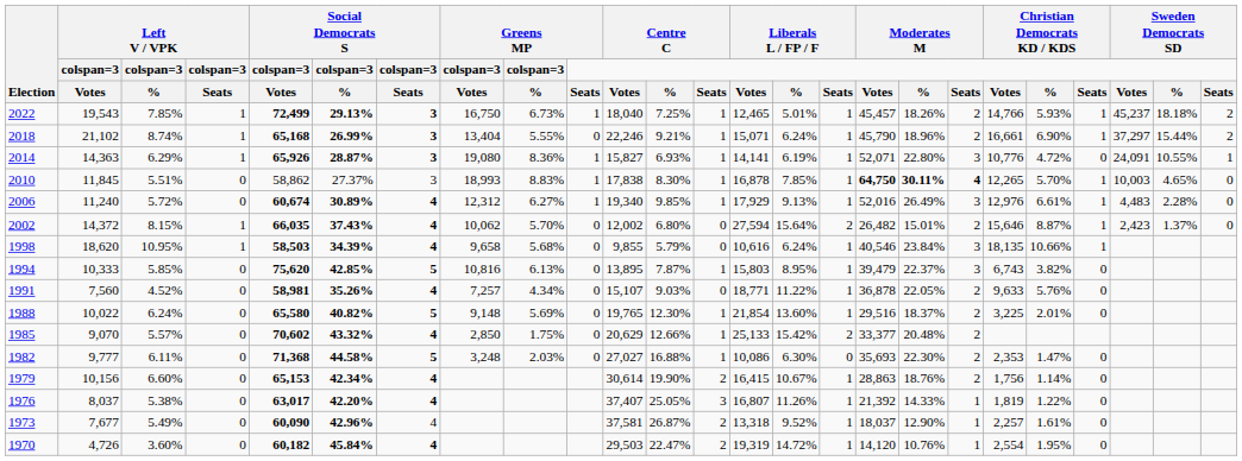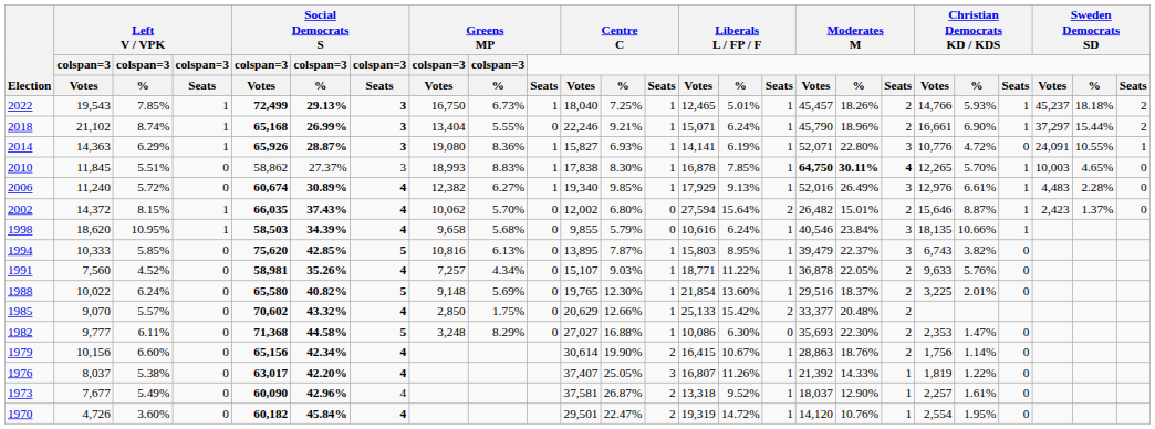 <table class="wikitable" border="1" style="font-size:95%; text-align:right;">
 <tr>
 <th style="text-align:left;" valign=bottom rowspan=3>Election</th>
 <th valign=bottom colspan=3><a href='#'>Left</a><br>V / VPK</th>
 <th valign=bottom colspan=3><a href='#'>Social<br>Democrats</a><br>S</th>
 <th valign=bottom colspan=3><a href='#'>Greens</a><br>MP</th>
 <th valign=bottom colspan=3><a href='#'>Centre</a><br>C</th>
 <th valign=bottom colspan=3><a href='#'>Liberals</a><br>L / FP / F</th>
 <th valign=bottom colspan=3><a href='#'>Moderates</a><br>M</th>
 <th valign=bottom colspan=3><a href='#'>Christian<br>Democrats</a><br>KD / KDS</th>
 <th valign=bottom colspan=3><a href='#'>Sweden<br>Democrats</a><br>SD</th>
 </tr>
 <tr>
 <th>colspan=3 </th>
 <th>colspan=3 </th>
 <th>colspan=3 </th>
 <th>colspan=3 </th>
 <th>colspan=3 </th>
 <th>colspan=3 </th>
 <th>colspan=3 </th>
 <th>colspan=3 </th>
 </tr>
 <tr>
 <th>Votes</th>
 <th>%</th>
 <th>Seats</th>
 <th>Votes</th>
 <th>%</th>
 <th>Seats</th>
 <th>Votes</th>
 <th>%</th>
 <th>Seats</th>
 <th>Votes</th>
 <th>%</th>
 <th>Seats</th>
 <th>Votes</th>
 <th>%</th>
 <th>Seats</th>
 <th>Votes</th>
 <th>%</th>
 <th>Seats</th>
 <th>Votes</th>
 <th>%</th>
 <th>Seats</th>
 <th>Votes</th>
 <th>%</th>
 <th>Seats</th>
 </tr>
 <tr>
 <td align=left><a href='#'>2022</a></td>
 <td>19,543</td>
 <td>7.85%</td>
 <td>1</td>
 <td><strong>72,499</strong></td>
 <td><strong>29.13%</strong></td>
 <td><strong>3</strong></td>
 <td>16,750</td>
 <td>6.73%</td>
 <td>1</td>
 <td>18,040</td>
 <td>7.25%</td>
 <td>1</td>
 <td>12,465</td>
 <td>5.01%</td>
 <td>1</td>
 <td>45,457</td>
 <td>18.26%</td>
 <td>2</td>
 <td>14,766</td>
 <td>5.93%</td>
 <td>1</td>
 <td>45,237</td>
 <td>18.18%</td>
 <td>2</td>
 </tr>
 <tr>
 <td align=left><a href='#'>2018</a></td>
 <td>21,102</td>
 <td>8.74%</td>
 <td>1</td>
 <td><strong>65,168</strong></td>
 <td><strong>26.99%</strong></td>
 <td><strong>3</strong></td>
 <td>13,404</td>
 <td>5.55%</td>
 <td>0</td>
 <td>22,246</td>
 <td>9.21%</td>
 <td>1</td>
 <td>15,071</td>
 <td>6.24%</td>
 <td>1</td>
 <td>45,790</td>
 <td>18.96%</td>
 <td>2</td>
 <td>16,661</td>
 <td>6.90%</td>
 <td>1</td>
 <td>37,297</td>
 <td>15.44%</td>
 <td>2</td>
 </tr>
 <tr>
 <td align=left><a href='#'>2014</a></td>
 <td>14,363</td>
 <td>6.29%</td>
 <td>1</td>
 <td><strong>65,926</strong></td>
 <td><strong>28.87%</strong></td>
 <td><strong>3</strong></td>
 <td>19,080</td>
 <td>8.36%</td>
 <td>1</td>
 <td>15,827</td>
 <td>6.93%</td>
 <td>1</td>
 <td>14,141</td>
 <td>6.19%</td>
 <td>1</td>
 <td>52,071</td>
 <td>22.80%</td>
 <td>3</td>
 <td>10,776</td>
 <td>4.72%</td>
 <td>0</td>
 <td>24,091</td>
 <td>10.55%</td>
 <td>1</td>
 </tr>
 <tr>
 <td align=left><a href='#'>2010</a></td>
 <td>11,845</td>
 <td>5.51%</td>
 <td>0</td>
 <td>58,862</td>
 <td>27.37%</td>
 <td>3</td>
 <td>18,993</td>
 <td>8.83%</td>
 <td>1</td>
 <td>17,838</td>
 <td>8.30%</td>
 <td>1</td>
 <td>16,878</td>
 <td>7.85%</td>
 <td>1</td>
 <td><strong>64,750</strong></td>
 <td><strong>30.11%</strong></td>
 <td><strong>4</strong></td>
 <td>12,265</td>
 <td>5.70%</td>
 <td>1</td>
 <td>10,003</td>
 <td>4.65%</td>
 <td>0</td>
 </tr>
 <tr>
 <td align=left><a href='#'>2006</a></td>
 <td>11,240</td>
 <td>5.72%</td>
 <td>0</td>
 <td><strong>60,674</strong></td>
 <td><strong>30.89%</strong></td>
 <td><strong>4</strong></td>
-<td>12,312</td>
+<td>12,382</td>
 <td>6.27%</td>
 <td>1</td>
 <td>19,340</td>
 <td>9.85%</td>
 <td>1</td>
 <td>17,929</td>
 <td>9.13%</td>
 <td>1</td>
 <td>52,016</td>
 <td>26.49%</td>
 <td>3</td>
 <td>12,976</td>
 <td>6.61%</td>
 <td>1</td>
 <td>4,483</td>
 <td>2.28%</td>
 <td>0</td>
 </tr>
 <tr>
 <td align=left><a href='#'>2002</a></td>
 <td>14,372</td>
 <td>8.15%</td>
 <td>1</td>
 <td><strong>66,035</strong></td>
 <td><strong>37.43%</strong></td>
 <td><strong>4</strong></td>
 <td>10,062</td>
 <td>5.70%</td>
 <td>0</td>
 <td>12,002</td>
 <td>6.80%</td>
 <td>0</td>
 <td>27,594</td>
 <td>15.64%</td>
 <td>2</td>
 <td>26,482</td>
 <td>15.01%</td>
 <td>2</td>
 <td>15,646</td>
 <td>8.87%</td>
 <td>1</td>
 <td>2,423</td>
 <td>1.37%</td>
 <td>0</td>
 </tr>
 <tr>
 <td align=left><a href='#'>1998</a></td>
 <td>18,620</td>
 <td>10.95%</td>
 <td>1</td>
 <td><strong>58,503</strong></td>
 <td><strong>34.39%</strong></td>
 <td><strong>4</strong></td>
 <td>9,658</td>
 <td>5.68%</td>
 <td>0</td>
 <td>9,855</td>
 <td>5.79%</td>
 <td>0</td>
 <td>10,616</td>
 <td>6.24%</td>
 <td>1</td>
 <td>40,546</td>
 <td>23.84%</td>
 <td>3</td>
 <td>18,135</td>
 <td>10.66%</td>
 <td>1</td>
 <td></td>
 <td></td>
 <td></td>
 </tr>
 <tr>
 <td align=left><a href='#'>1994</a></td>
 <td>10,333</td>
 <td>5.85%</td>
 <td>0</td>
 <td><strong>75,620</strong></td>
 <td><strong>42.85%</strong></td>
 <td><strong>5</strong></td>
 <td>10,816</td>
 <td>6.13%</td>
 <td>0</td>
 <td>13,895</td>
 <td>7.87%</td>
 <td>1</td>
 <td>15,803</td>
 <td>8.95%</td>
 <td>1</td>
 <td>39,479</td>
 <td>22.37%</td>
 <td>3</td>
 <td>6,743</td>
 <td>3.82%</td>
 <td>0</td>
 <td></td>
 <td></td>
 <td></td>
 </tr>
 <tr>
 <td align=left><a href='#'>1991</a></td>
 <td>7,560</td>
 <td>4.52%</td>
 <td>0</td>
 <td><strong>58,981</strong></td>
 <td><strong>35.26%</strong></td>
 <td><strong>4</strong></td>
 <td>7,257</td>
 <td>4.34%</td>
 <td>0</td>
 <td>15,107</td>
 <td>9.03%</td>
-<td>0</td>
+<td>1</td>
 <td>18,771</td>
 <td>11.22%</td>
 <td>1</td>
 <td>36,878</td>
 <td>22.05%</td>
 <td>2</td>
 <td>9,633</td>
 <td>5.76%</td>
 <td>0</td>
 <td></td>
 <td></td>
 <td></td>
 </tr>
 <tr>
 <td align=left><a href='#'>1988</a></td>
 <td>10,022</td>
 <td>6.24%</td>
 <td>0</td>
 <td><strong>65,580</strong></td>
 <td><strong>40.82%</strong></td>
 <td><strong>5</strong></td>
 <td>9,148</td>
 <td>5.69%</td>
 <td>0</td>
 <td>19,765</td>
 <td>12.30%</td>
 <td>1</td>
 <td>21,854</td>
 <td>13.60%</td>
 <td>1</td>
 <td>29,516</td>
 <td>18.37%</td>
 <td>2</td>
 <td>3,225</td>
 <td>2.01%</td>
 <td>0</td>
 <td></td>
 <td></td>
 <td></td>
 </tr>
 <tr>
 <td align=left><a href='#'>1985</a></td>
 <td>9,070</td>
 <td>5.57%</td>
 <td>0</td>
 <td><strong>70,602</strong></td>
 <td><strong>43.32%</strong></td>
 <td><strong>4</strong></td>
 <td>2,850</td>
 <td>1.75%</td>
 <td>0</td>
 <td>20,629</td>
 <td>12.66%</td>
 <td>1</td>
 <td>25,133</td>
 <td>15.42%</td>
 <td>2</td>
 <td>33,377</td>
 <td>20.48%</td>
 <td>2</td>
 <td></td>
 <td></td>
 <td></td>
 <td></td>
 <td></td>
 <td></td>
 </tr>
 <tr>
 <td align=left><a href='#'>1982</a></td>
 <td>9,777</td>
 <td>6.11%</td>
 <td>0</td>
 <td><strong>71,368</strong></td>
 <td><strong>44.58%</strong></td>
 <td><strong>5</strong></td>
 <td>3,248</td>
-<td>2.03%</td>
+<td>8.29%</td>
 <td>0</td>
 <td>27,027</td>
 <td>16.88%</td>
 <td>1</td>
 <td>10,086</td>
 <td>6.30%</td>
 <td>0</td>
 <td>35,693</td>
 <td>22.30%</td>
 <td>2</td>
 <td>2,353</td>
 <td>1.47%</td>
 <td>0</td>
 <td></td>
 <td></td>
 <td></td>
 </tr>
 <tr>
 <td align=left><a href='#'>1979</a></td>
 <td>10,156</td>
 <td>6.60%</td>
 <td>0</td>
-<td><strong>65,153</strong></td>
+<td><strong>65,156</strong></td>
 <td><strong>42.34%</strong></td>
 <td><strong>4</strong></td>
 <td></td>
 <td></td>
 <td></td>
 <td>30,614</td>
 <td>19.90%</td>
 <td>2</td>
 <td>16,415</td>
 <td>10.67%</td>
 <td>1</td>
 <td>28,863</td>
 <td>18.76%</td>
 <td>2</td>
 <td>1,756</td>
 <td>1.14%</td>
 <td>0</td>
 <td></td>
 <td></td>
 <td></td>
 </tr>
 <tr>
 <td align=left><a href='#'>1976</a></td>
 <td>8,037</td>
 <td>5.38%</td>
 <td>0</td>
 <td><strong>63,017</strong></td>
 <td><strong>42.20%</strong></td>
 <td><strong>4</strong></td>
 <td></td>
 <td></td>
 <td></td>
 <td>37,407</td>
 <td>25.05%</td>
 <td>3</td>
 <td>16,807</td>
 <td>11.26%</td>
 <td>1</td>
 <td>21,392</td>
 <td>14.33%</td>
 <td>1</td>
 <td>1,819</td>
 <td>1.22%</td>
 <td>0</td>
 <td></td>
 <td></td>
 <td></td>
 </tr>
 <tr>
 <td align=left><a href='#'>1973</a></td>
 <td>7,677</td>
 <td>5.49%</td>
 <td>0</td>
 <td><strong>60,090</strong></td>
 <td><strong>42.96%</strong></td>
 <td>4</td>
 <td></td>
 <td></td>
 <td></td>
 <td>37,581</td>
 <td>26.87%</td>
 <td>2</td>
 <td>13,318</td>
 <td>9.52%</td>
 <td>1</td>
 <td>18,037</td>
 <td>12.90%</td>
 <td>1</td>
 <td>2,257</td>
 <td>1.61%</td>
 <td>0</td>
 <td></td>
 <td></td>
 <td></td>
 </tr>
 <tr>
 <td align=left><a href='#'>1970</a></td>
 <td>4,726</td>
 <td>3.60%</td>
 <td>0</td>
 <td><strong>60,182</strong></td>
 <td><strong>45.84%</strong></td>
 <td><strong>4</strong></td>
 <td></td>
 <td></td>
 <td></td>
-<td>29,503</td>
+<td>29,501</td>
 <td>22.47%</td>
 <td>2</td>
 <td>19,319</td>
 <td>14.72%</td>
 <td>1</td>
 <td>14,120</td>
 <td>10.76%</td>
 <td>1</td>
 <td>2,554</td>
 <td>1.95%</td>
 <td>0</td>
 <td></td>
 <td></td>
 <td></td>
 </tr>
 </table>
